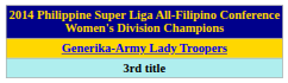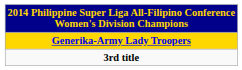 <table class=wikitable style="text-align:center; margin:auto;">
 <tr>
 <th style="background:#00008B; color:#FFD700;">2014 Philippine Super Liga All-Filipino Conference<br>Women's Division Champions</th>
 </tr>
 <tr>
 <td style="background:gold;"><strong><a href='#'>Generika-Army Lady Troopers</a></strong></td>
 </tr>
 <tr>
-<td style="background: paleturquoise;"><strong>3rd title</strong></td>
+<td><strong>3rd title</strong></td>
 </tr>
 </table>
